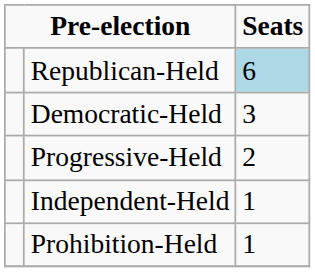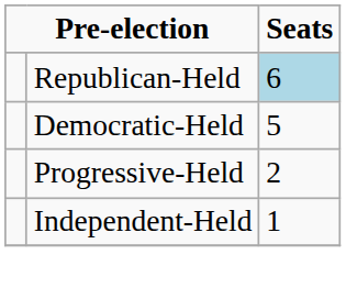 <table class= "wikitable">
 <tr>
 <td colspan= "2" rowspan= "1" align= "center" valign= "top"><strong>Pre-election</strong></td>
 <td valign= "top"><strong>Seats</strong><br></td>
 </tr>
 <tr>
 <td style="background-color:"> </td>
 <td>Republican-Held</td>
 <td style="background: lightblue;">6</td>
 </tr>
 <tr>
 <td style="background-color:"> </td>
 <td>Democratic-Held</td>
-<td>3</td>
+<td>5</td>
 </tr>
 <tr>
 <td style="background-color:"> </td>
 <td>Progressive-Held</td>
 <td>2</td>
 </tr>
 <tr>
 <td style="background-color:"> </td>
 <td>Independent-Held</td>
 <td>1</td>
 </tr>
 <tr>
-<td style="background-color:"> </td>
-<td>Prohibition-Held</td>
-<td>1</td>
-</tr>
-<tr>
 </tr>
 </table>
